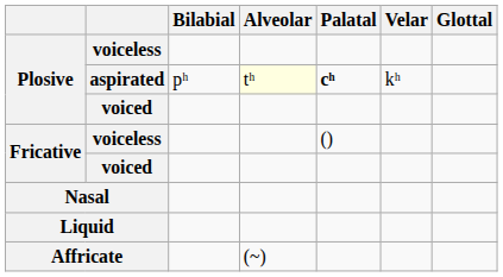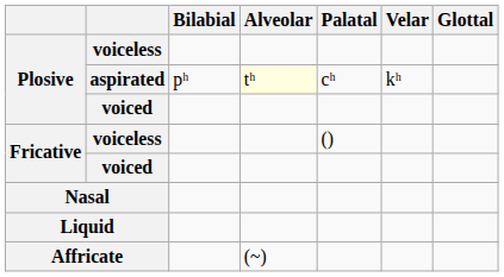 <table class="wikitable">
 <tr>
 <th></th>
 <th></th>
 <th>Bilabial</th>
 <th>Alveolar</th>
 <th>Palatal</th>
 <th>Velar</th>
 <th>Glottal</th>
 </tr>
 <tr>
 <th rowspan="3">Plosive</th>
 <th>voiceless</th>
 <td></td>
 <td></td>
 <td></td>
 <td></td>
 <td></td>
 </tr>
 <tr>
 <th>aspirated</th>
 <td>pʰ</td>
 <td style="background: lightyellow;">tʰ</td>
-<td><strong>cʰ</strong></td>
+<td>cʰ</td>
 <td>kʰ</td>
 <td></td>
 </tr>
 <tr>
 <th>voiced</th>
 <td></td>
 <td></td>
 <td></td>
 <td></td>
 <td></td>
 </tr>
 <tr>
 <th rowspan="2">Fricative</th>
 <th>voiceless</th>
 <td></td>
 <td></td>
 <td>()</td>
 <td></td>
 <td></td>
 </tr>
 <tr>
 <th>voiced</th>
 <td></td>
 <td></td>
 <td></td>
 <td></td>
 <td></td>
 </tr>
 <tr>
 <th colspan="2">Nasal</th>
 <td></td>
 <td></td>
 <td></td>
 <td></td>
 <td></td>
 </tr>
 <tr>
 <th colspan="2">Liquid</th>
 <td></td>
 <td></td>
 <td></td>
 <td></td>
 <td></td>
 </tr>
 <tr>
 <th colspan="2">Affricate</th>
 <td></td>
 <td>(~)</td>
 <td></td>
 <td></td>
 <td></td>
 </tr>
 </table>
